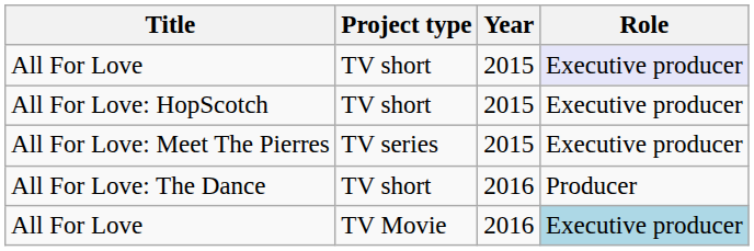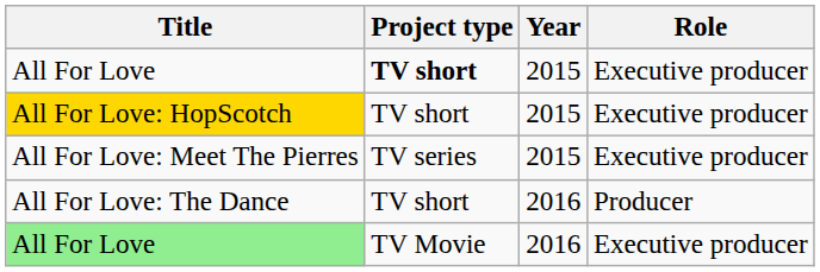 <table class="wikitable sortable">
 <tr>
 <th>Title</th>
 <th>Project type</th>
 <th>Year</th>
 <th>Role</th>
 </tr>
 <tr>
 <td>All For Love</td>
-<td>TV short</td>
+<td><strong>TV short</strong></td>
 <td>2015</td>
-<td style="background: lavender;">Executive producer</td>
+<td>Executive producer</td>
 </tr>
 <tr>
-<td>All For Love: HopScotch</td>
+<td style="background: gold;">All For Love: HopScotch</td>
 <td>TV short</td>
 <td>2015</td>
 <td>Executive producer</td>
 </tr>
 <tr>
 <td>All For Love: Meet The Pierres</td>
 <td>TV series</td>
 <td>2015</td>
 <td>Executive producer</td>
 </tr>
 <tr>
 <td>All For Love: The Dance</td>
 <td>TV short</td>
 <td>2016</td>
 <td>Producer</td>
 </tr>
 <tr>
-<td>All For Love</td>
+<td style="background: lightgreen;">All For Love</td>
 <td>TV Movie</td>
 <td>2016</td>
-<td style="background: lightblue;">Executive producer</td>
+<td>Executive producer</td>
 </tr>
 </table>
